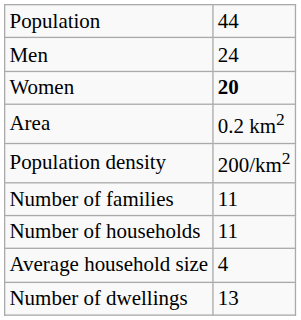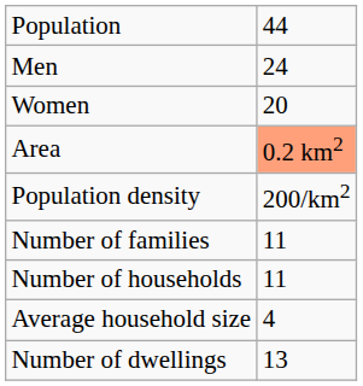 <table class="wikitable">
 <tr>
 <td>Population</td>
 <td>44</td>
 </tr>
 <tr>
 <td>Men</td>
 <td>24</td>
 </tr>
 <tr>
 <td>Women</td>
-<td><strong>20</strong></td>
+<td>20</td>
 </tr>
 <tr>
 <td>Area</td>
-<td>0.2 km<sup>2</sup></td>
+<td style="background: lightsalmon;">0.2 km<sup>2</sup></td>
 </tr>
 <tr>
 <td>Population density</td>
 <td>200/km<sup>2</sup></td>
 </tr>
 <tr>
 <td>Number of families</td>
 <td>11</td>
 </tr>
 <tr>
 <td>Number of households</td>
 <td>11</td>
 </tr>
 <tr>
 <td>Average household size</td>
 <td>4</td>
 </tr>
 <tr>
 <td>Number of dwellings</td>
 <td>13</td>
 </tr>
 </table>
